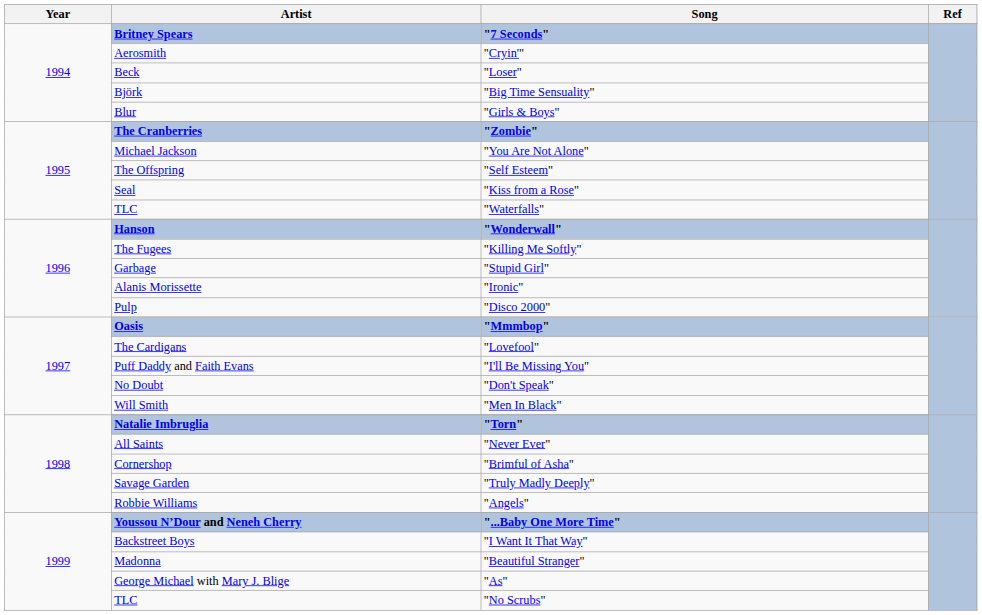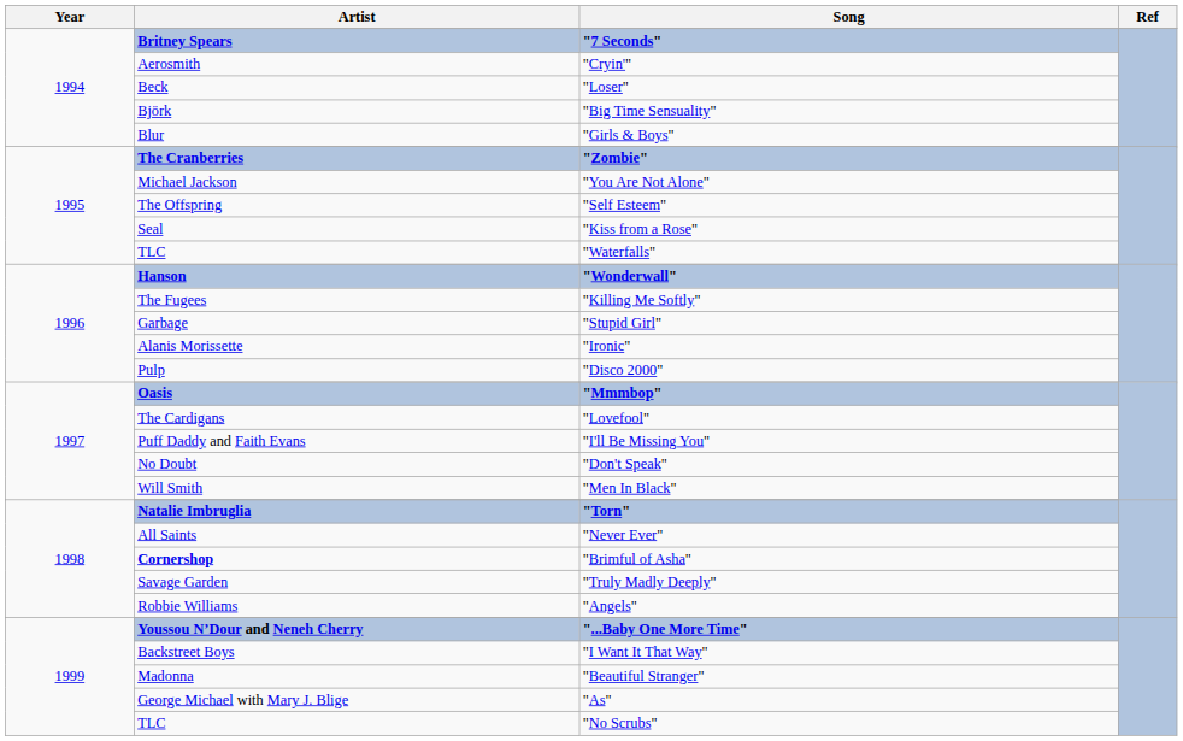 <table class="wikitable" style="width:100%;">
 <tr style="background:#bebebe;">
 <th style="width:11%;">Year</th>
 <th style="width:38%;">Artist</th>
 <th style="width:46%;">Song</th>
 <th style="width:5%;">Ref</th>
 </tr>
 <tr>
 <td rowspan="6" align="center"><a href='#'>1994</a></td>
 </tr>
 <tr style="background:#B0C4DE">
 <td><strong><a href='#'>Britney Spears</a></strong></td>
 <td><strong>"<a href='#'>7 Seconds</a>"</strong></td>
 <td rowspan="6" align="center"></td>
 </tr>
 <tr>
 <td><a href='#'>Aerosmith</a></td>
 <td>"<a href='#'>Cryin'</a>"</td>
 </tr>
 <tr>
 <td><a href='#'>Beck</a></td>
 <td>"<a href='#'>Loser</a>"</td>
 </tr>
 <tr>
 <td><a href='#'>Björk</a></td>
 <td>"<a href='#'>Big Time Sensuality</a>"</td>
 </tr>
 <tr>
 <td><a href='#'>Blur</a></td>
 <td>"<a href='#'>Girls & Boys</a>"</td>
 </tr>
 <tr>
 <td rowspan="6" align="center"><a href='#'>1995</a></td>
 </tr>
 <tr style="background:#B0C4DE">
 <td><strong><a href='#'>The Cranberries</a></strong></td>
 <td><strong>"<a href='#'>Zombie</a>"</strong></td>
 <td rowspan="6" align="center"></td>
 </tr>
 <tr>
 <td><a href='#'>Michael Jackson</a></td>
 <td>"<a href='#'>You Are Not Alone</a>"</td>
 </tr>
 <tr>
 <td><a href='#'>The Offspring</a></td>
 <td>"<a href='#'>Self Esteem</a>"</td>
 </tr>
 <tr>
 <td><a href='#'>Seal</a></td>
 <td>"<a href='#'>Kiss from a Rose</a>"</td>
 </tr>
 <tr>
 <td><a href='#'>TLC</a></td>
 <td>"<a href='#'>Waterfalls</a>"</td>
 </tr>
 <tr>
 <td rowspan="6" align="center"><a href='#'>1996</a></td>
 </tr>
 <tr style="background:#B0C4DE">
 <td><strong><a href='#'>Hanson</a></strong></td>
 <td><strong>"<a href='#'>Wonderwall</a>"</strong></td>
 <td rowspan="6" align="center"></td>
 </tr>
 <tr>
 <td><a href='#'>The Fugees</a></td>
 <td>"<a href='#'>Killing Me Softly</a>"</td>
 </tr>
 <tr>
 <td><a href='#'>Garbage</a></td>
 <td>"<a href='#'>Stupid Girl</a>"</td>
 </tr>
 <tr>
 <td><a href='#'>Alanis Morissette</a></td>
 <td>"<a href='#'>Ironic</a>"</td>
 </tr>
 <tr>
 <td><a href='#'>Pulp</a></td>
 <td>"<a href='#'>Disco 2000</a>"</td>
 </tr>
 <tr>
 <td rowspan="6" align="center"><a href='#'>1997</a></td>
 </tr>
 <tr style="background:#B0C4DE">
 <td><strong><a href='#'>Oasis</a></strong></td>
 <td><strong>"<a href='#'>Mmmbop</a>"</strong></td>
 <td rowspan="6" align="center"></td>
 </tr>
 <tr>
 <td><a href='#'>The Cardigans</a></td>
 <td>"<a href='#'>Lovefool</a>"</td>
 </tr>
 <tr>
 <td><a href='#'>Puff Daddy</a> and <a href='#'>Faith Evans</a></td>
 <td>"<a href='#'>I'll Be Missing You</a>"</td>
 </tr>
 <tr>
 <td><a href='#'>No Doubt</a></td>
 <td>"<a href='#'>Don't Speak</a>"</td>
 </tr>
 <tr>
 <td><a href='#'>Will Smith</a></td>
 <td>"<a href='#'>Men In Black</a>"</td>
 </tr>
 <tr>
 <td rowspan="6" align="center"><a href='#'>1998</a></td>
 </tr>
 <tr style="background:#B0C4DE">
 <td><strong><a href='#'>Natalie Imbruglia</a></strong></td>
 <td><strong>"<a href='#'>Torn</a>"</strong></td>
 <td rowspan="6" align="center"><br></td>
 </tr>
 <tr>
 <td><a href='#'>All Saints</a></td>
 <td>"<a href='#'>Never Ever</a>"</td>
 </tr>
 <tr>
-<td><a href='#'>Cornershop</a></td>
+<td><strong><a href='#'>Cornershop</a></strong></td>
 <td>"<a href='#'>Brimful of Asha</a>"</td>
 </tr>
 <tr>
 <td><a href='#'>Savage Garden</a></td>
 <td>"<a href='#'>Truly Madly Deeply</a>"</td>
 </tr>
 <tr>
 <td><a href='#'>Robbie Williams</a></td>
 <td>"<a href='#'>Angels</a>"</td>
 </tr>
 <tr>
 <td rowspan="6" align="center"><a href='#'>1999</a></td>
 </tr>
 <tr style="background:#B0C4DE">
 <td><strong><a href='#'>Youssou N’Dour</a> and <a href='#'>Neneh Cherry</a></strong></td>
 <td><strong>"<a href='#'>...Baby One More Time</a>"</strong></td>
 <td rowspan="6" align="center"></td>
 </tr>
 <tr>
 <td><a href='#'>Backstreet Boys</a></td>
 <td>"<a href='#'>I Want It That Way</a>"</td>
 </tr>
 <tr>
 <td><a href='#'>Madonna</a></td>
 <td>"<a href='#'>Beautiful Stranger</a>"</td>
 </tr>
 <tr>
 <td><a href='#'>George Michael</a> with <a href='#'>Mary J. Blige</a></td>
 <td>"<a href='#'>As</a>"</td>
 </tr>
 <tr>
 <td><a href='#'>TLC</a></td>
 <td>"<a href='#'>No Scrubs</a>"</td>
 </tr>
 </table>
